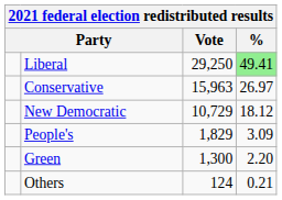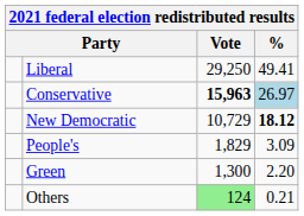 <table class="wikitable">
 <tr>
 <th colspan="4"><a href='#'>2021 federal election</a> redistributed results</th>
 </tr>
 <tr>
 <th bgcolor="#DDDDFF" width="130px" colspan="2">Party</th>
 <th bgcolor="#DDDDFF" width="50px">Vote</th>
 <th bgcolor="#DDDDFF" width="30px">%</th>
 </tr>
 <tr>
 <td> </td>
 <td><a href='#'>Liberal</a></td>
 <td align=right>29,250</td>
-<td align=right style="background: lightgreen;">49.41</td>
+<td align=right>49.41</td>
 </tr>
 <tr>
 <td> </td>
 <td><a href='#'>Conservative</a></td>
-<td align=right>15,963</td>
-<td align=right>26.97</td>
+<td align=right><strong>15,963</strong></td>
+<td align=right style="background: lightblue;">26.97</td>
 </tr>
 <tr>
 <td> </td>
 <td><a href='#'>New Democratic</a></td>
 <td align=right>10,729</td>
-<td align=right>18.12</td>
+<td align=right><strong>18.12</strong></td>
 </tr>
 <tr>
 <td> </td>
 <td><a href='#'>People's</a></td>
 <td align=right>1,829</td>
 <td align=right>3.09</td>
 </tr>
 <tr>
 <td> </td>
 <td><a href='#'>Green</a></td>
 <td align=right>1,300</td>
 <td align=right>2.20</td>
 </tr>
 <tr>
 <td> </td>
 <td>Others</td>
-<td align=right>124</td>
+<td align=right style="background: lightgreen;">124</td>
 <td align=right>0.21</td>
 </tr>
 </table>
